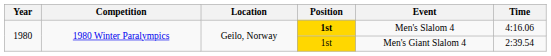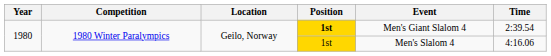 <table class="wikitable" width=65% style="font-size:90%; text-align:center;">
 <tr>
 <th>Year</th>
 <th>Competition</th>
 <th>Location</th>
 <th>Position</th>
 <th>Event</th>
 <th>Time</th>
 </tr>
 <tr>
 <td rowspan=2>1980</td>
 <td rowspan=2><a href='#'>1980 Winter Paralympics</a></td>
 <td rowspan=2>Geilo, Norway</td>
 <td bgcolor=gold><strong>1st</strong></td>
+<td>Men's Giant Slalom 4</td>
+<td>2:39.54</td>
+</tr>
+<tr>
+<td bgcolor=gold>1st</td>
 <td>Men's Slalom 4</td>
 <td>4:16.06</td>
 </tr>
-<tr>
-<td bgcolor=gold>1st</td>
-<td>Men's Giant Slalom 4</td>
-<td>2:39.54</td>
-</tr>
 </table>
